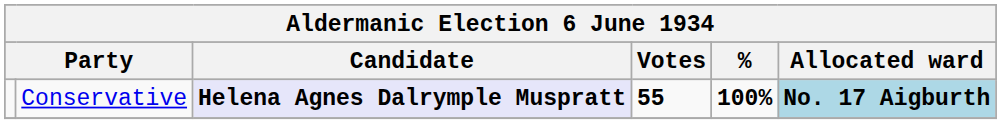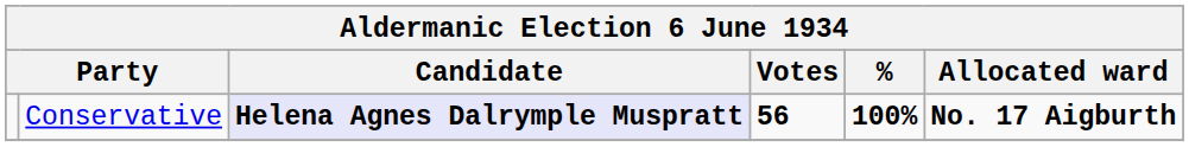 <table class="wikitable">
 <tr>
 <th colspan="6"><strong>Aldermanic Election 6 June 1934</strong></th>
 </tr>
 <tr>
 <th colspan="2">Party</th>
 <th>Candidate</th>
 <th>Votes</th>
 <th>%</th>
 <th>Allocated ward</th>
 </tr>
 <tr>
 <td style="background-color:"></td>
 <td><a href='#'>Conservative</a></td>
 <td style="background: lavender;"><strong>Helena Agnes Dalrymple Muspratt</strong></td>
-<td><strong>55</strong></td>
+<td><strong>56</strong></td>
 <td><strong>100%</strong></td>
-<td style="background: lightblue;"><strong>No. 17 Aigburth</strong></td>
+<td><strong>No. 17 Aigburth</strong></td>
 </tr>
 <tr>
 </tr>
 </table>
